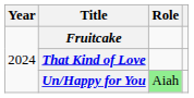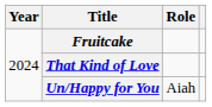 <table class="wikitable sortable plainrowheaders">
 <tr>
 <th scope="col">Year</th>
 <th scope="col">Title</th>
 <th scope="col">Role</th>
 <th scope="col" class="unsortable"></th>
 </tr>
 <tr>
 <td rowspan="3">2024</td>
 <th scope="row"><em>Fruitcake</em></th>
 <td></td>
 <td></td>
 </tr>
 <tr>
 <th scope="rowgroup"><em><a href='#'>That Kind of Love</a></em></th>
 <td></td>
 <td></td>
 </tr>
 <tr>
 <th scope="rowgroup"><em><a href='#'>Un/Happy for You</a></em></th>
-<td style="background: lightgreen;">Aiah</td>
+<td>Aiah</td>
 <td></td>
 </tr>
 </table>
